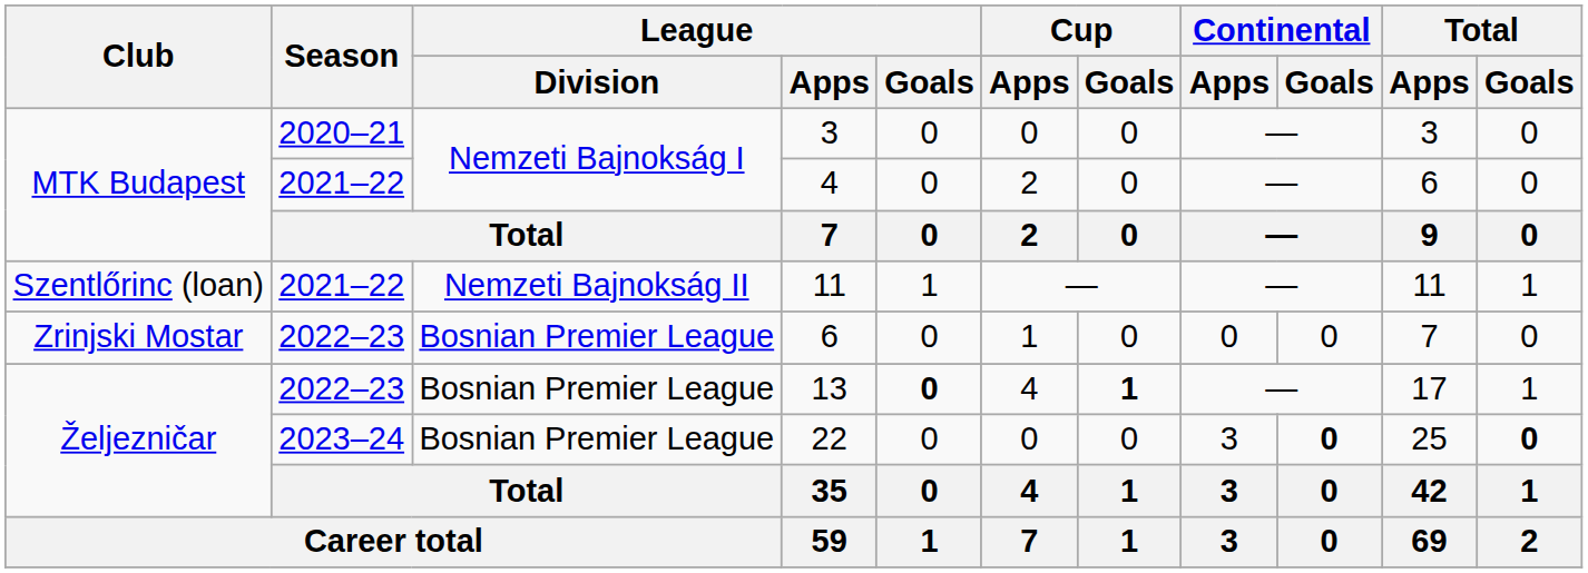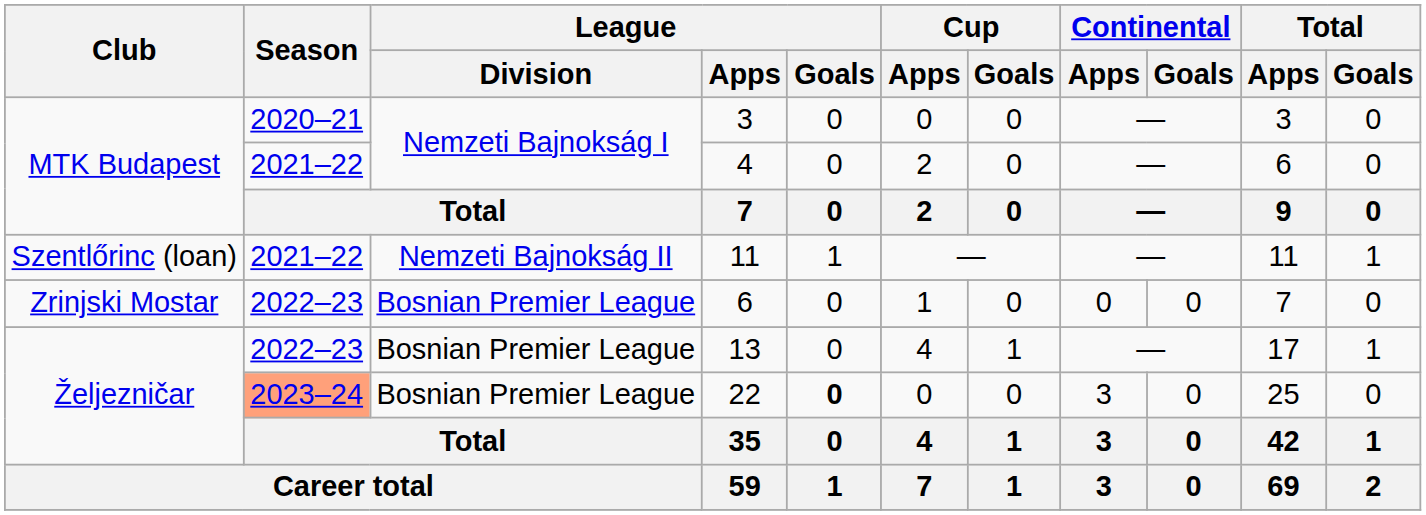 <table class="wikitable" style="text-align:center">
 <tr>
 <th rowspan="2">Club</th>
 <th rowspan="2">Season</th>
 <th colspan="3">League</th>
 <th colspan="2">Cup</th>
 <th colspan="2"><a href='#'>Continental</a></th>
 <th colspan="2">Total</th>
 </tr>
 <tr>
 <th>Division</th>
 <th>Apps</th>
 <th>Goals</th>
 <th>Apps</th>
 <th>Goals</th>
 <th>Apps</th>
 <th>Goals</th>
 <th>Apps</th>
 <th>Goals</th>
 </tr>
 <tr>
 <td rowspan="3"><a href='#'>MTK Budapest</a></td>
 <td><a href='#'>2020–21</a></td>
 <td rowspan="2"><a href='#'>Nemzeti Bajnokság I</a></td>
 <td>3</td>
 <td>0</td>
 <td>0</td>
 <td>0</td>
 <td colspan="2">—</td>
 <td>3</td>
 <td>0</td>
 </tr>
 <tr>
 <td><a href='#'>2021–22</a></td>
 <td>4</td>
 <td>0</td>
 <td>2</td>
 <td>0</td>
 <td colspan="2">—</td>
 <td>6</td>
 <td>0</td>
 </tr>
 <tr>
 <th colspan="2">Total</th>
 <th>7</th>
 <th>0</th>
 <th>2</th>
 <th>0</th>
 <th colspan="2">—</th>
 <th>9</th>
 <th>0</th>
 </tr>
 <tr>
 <td><a href='#'>Szentlőrinc</a> (loan)</td>
 <td><a href='#'>2021–22</a></td>
 <td><a href='#'>Nemzeti Bajnokság II</a></td>
 <td>11</td>
 <td>1</td>
 <td colspan="2">—</td>
 <td colspan="2">—</td>
 <td>11</td>
 <td>1</td>
 </tr>
 <tr>
 <td><a href='#'>Zrinjski Mostar</a></td>
 <td><a href='#'>2022–23</a></td>
 <td><a href='#'>Bosnian Premier League</a></td>
 <td>6</td>
 <td>0</td>
 <td>1</td>
 <td>0</td>
 <td>0</td>
 <td>0</td>
 <td>7</td>
 <td>0</td>
 </tr>
 <tr>
 <td rowspan="3"><a href='#'>Željezničar</a></td>
 <td><a href='#'>2022–23</a></td>
 <td>Bosnian Premier League</td>
 <td>13</td>
-<td><strong>0</strong></td>
+<td>0</td>
 <td>4</td>
-<td><strong>1</strong></td>
+<td>1</td>
 <td colspan="2">—</td>
 <td>17</td>
 <td>1</td>
 </tr>
 <tr>
-<td><a href='#'>2023–24</a></td>
+<td style="background: lightsalmon;"><a href='#'>2023–24</a></td>
 <td>Bosnian Premier League</td>
 <td>22</td>
-<td>0</td>
+<td><strong>0</strong></td>
 <td>0</td>
 <td>0</td>
 <td>3</td>
-<td><strong>0</strong></td>
+<td>0</td>
 <td>25</td>
-<td><strong>0</strong></td>
+<td>0</td>
 </tr>
 <tr>
 <th colspan="2">Total</th>
 <th>35</th>
 <th>0</th>
 <th>4</th>
 <th>1</th>
 <th>3</th>
 <th>0</th>
 <th>42</th>
 <th>1</th>
 </tr>
 <tr>
 <th colspan="3">Career total</th>
 <th>59</th>
 <th>1</th>
 <th>7</th>
 <th>1</th>
 <th>3</th>
 <th>0</th>
 <th>69</th>
 <th>2</th>
 </tr>
 </table>
